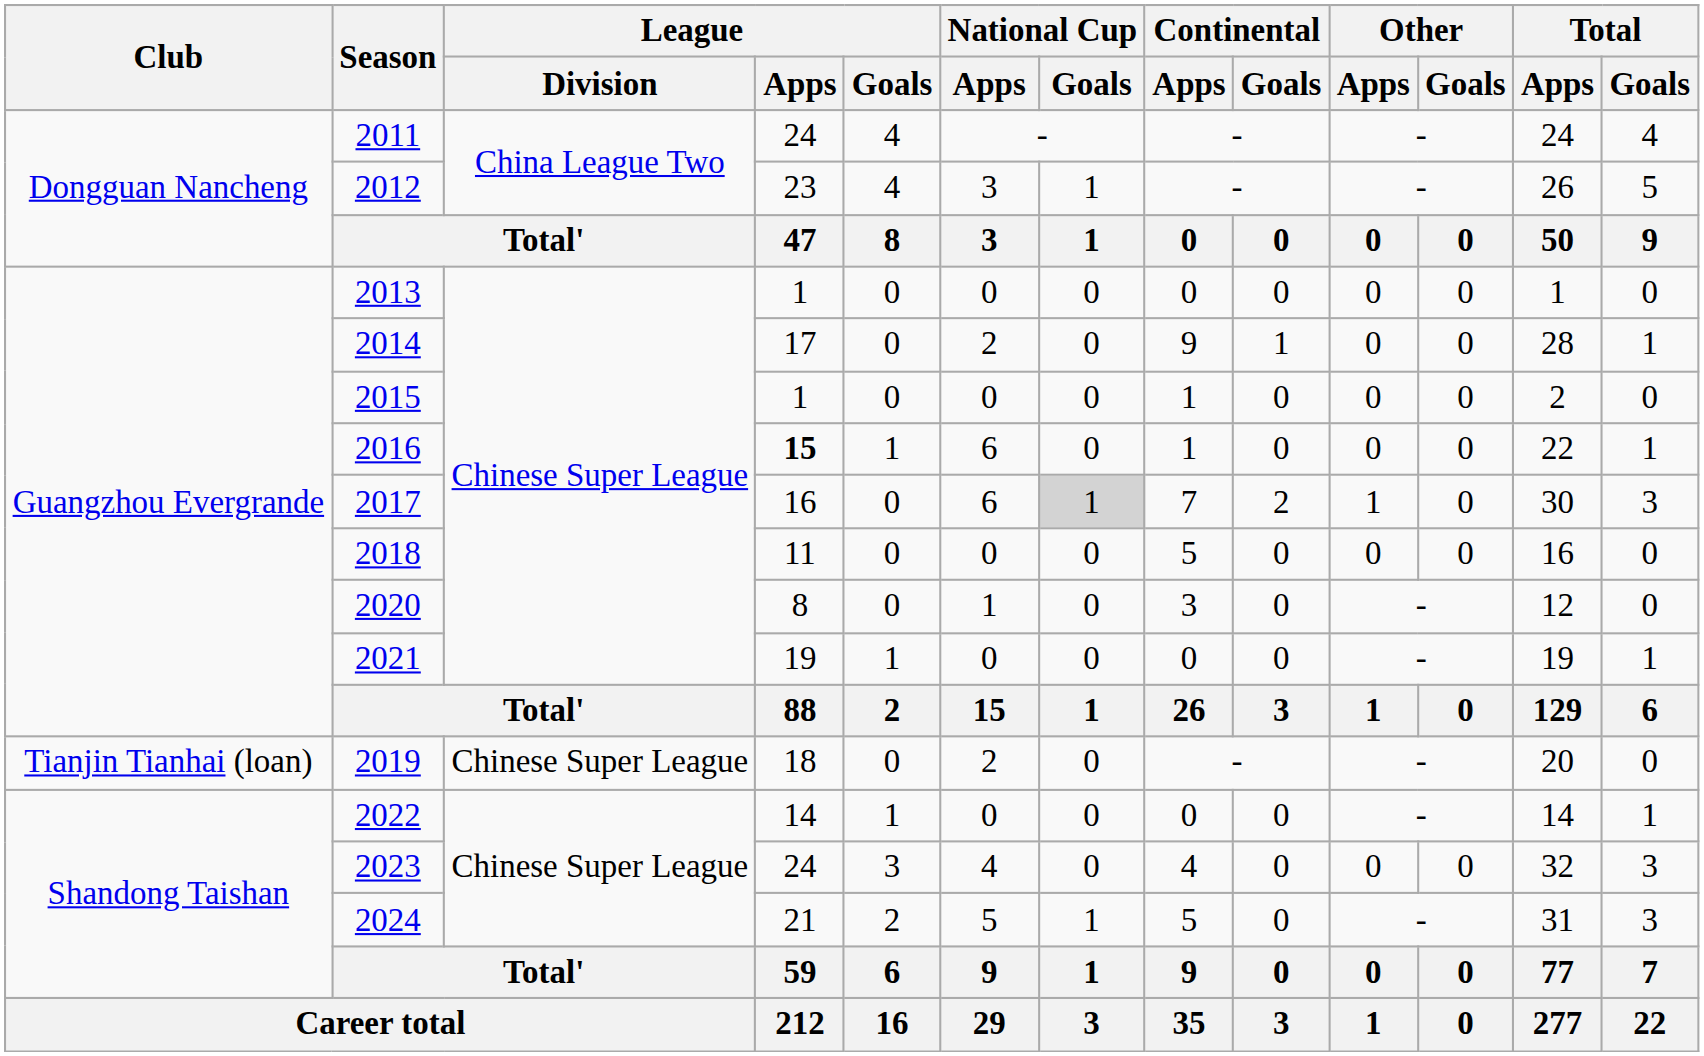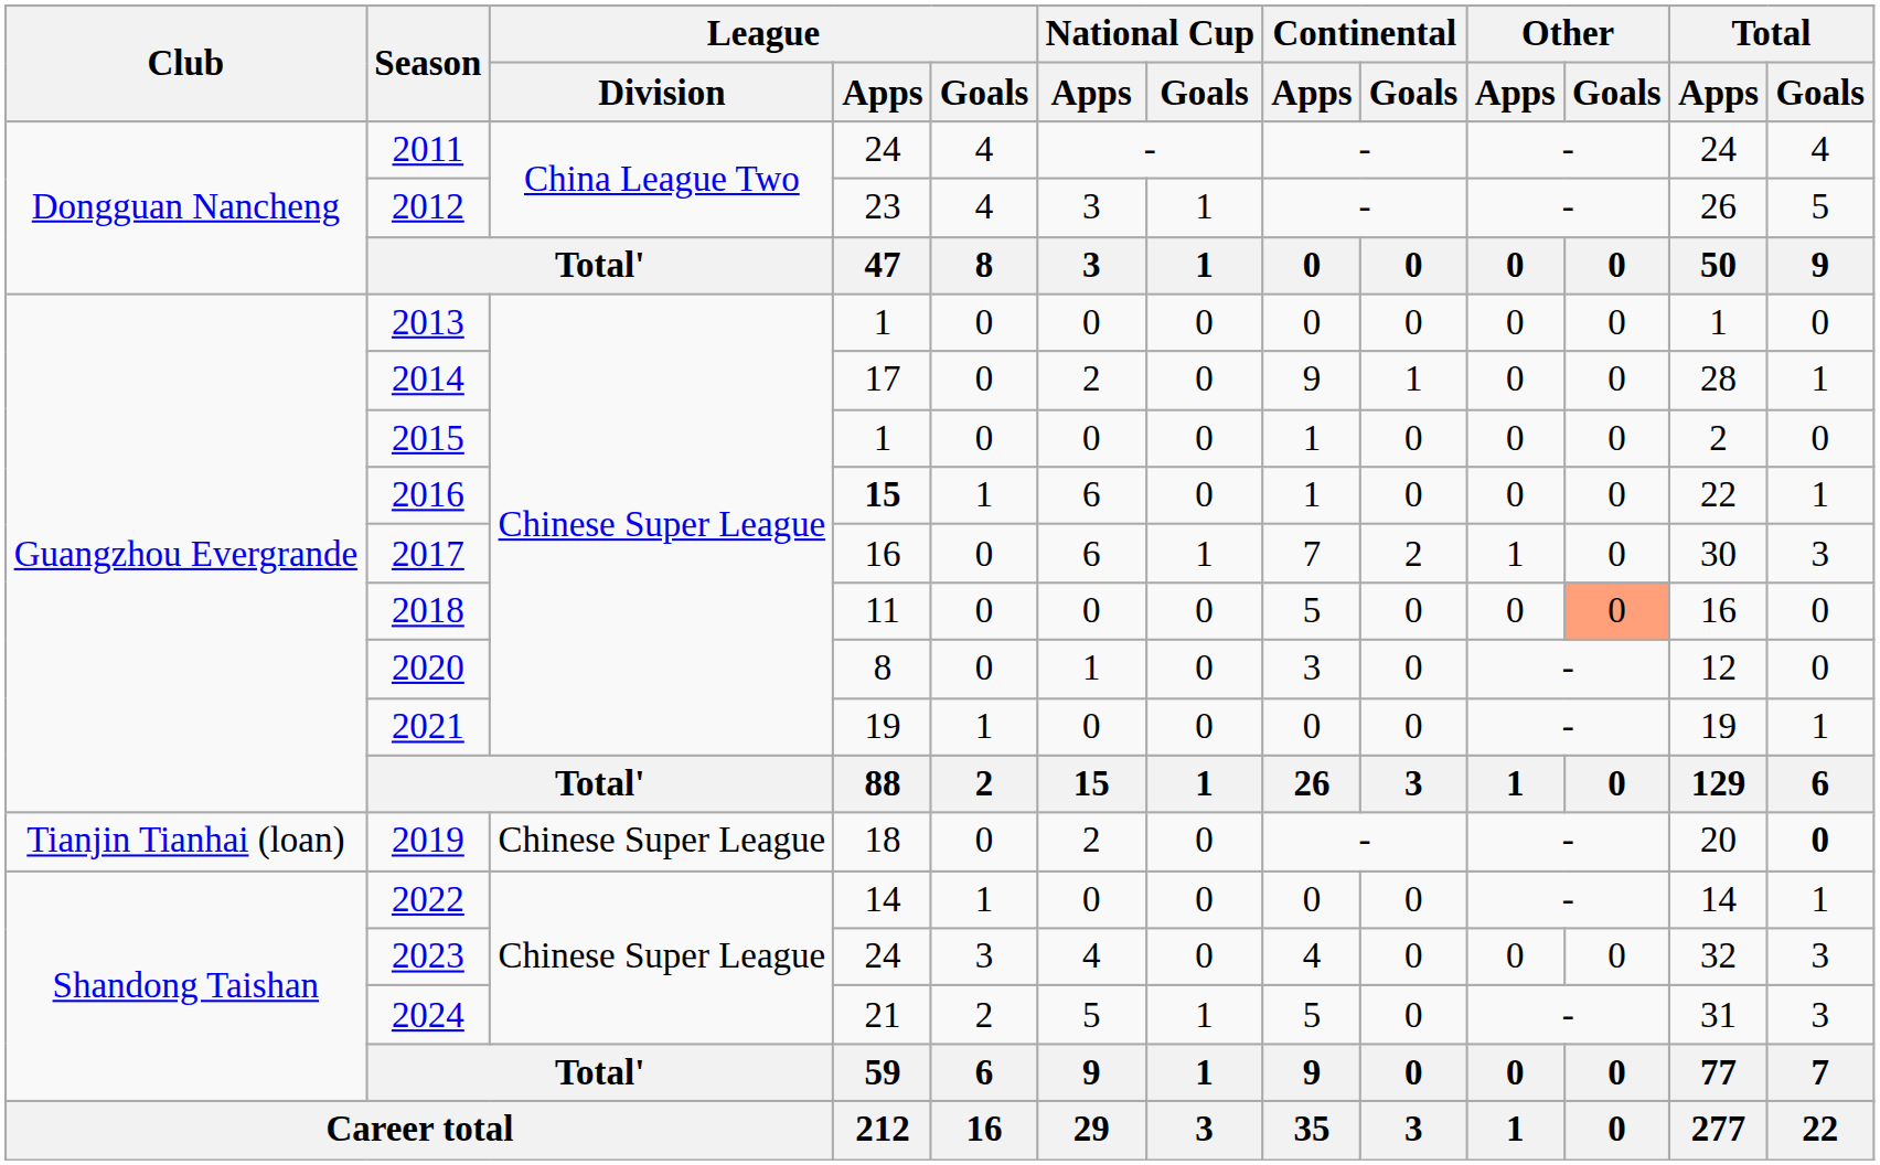 <table class="wikitable" style="text-align: center">
 <tr>
 <th rowspan="2">Club</th>
 <th rowspan="2">Season</th>
 <th colspan="3">League</th>
 <th colspan="2">National Cup</th>
 <th colspan="2">Continental</th>
 <th colspan="2">Other</th>
 <th colspan="2">Total</th>
 </tr>
 <tr>
 <th>Division</th>
 <th>Apps</th>
 <th>Goals</th>
 <th>Apps</th>
 <th>Goals</th>
 <th>Apps</th>
 <th>Goals</th>
 <th>Apps</th>
 <th>Goals</th>
 <th>Apps</th>
 <th>Goals</th>
 </tr>
 <tr>
 <td rowspan="3"><a href='#'>Dongguan Nancheng</a></td>
 <td><a href='#'>2011</a></td>
 <td rowspan="2"><a href='#'>China League Two</a></td>
 <td>24</td>
 <td>4</td>
 <td colspan="2">-</td>
 <td colspan="2">-</td>
 <td colspan="2">-</td>
 <td>24</td>
 <td>4</td>
 </tr>
 <tr>
 <td><a href='#'>2012</a></td>
 <td>23</td>
 <td>4</td>
 <td>3</td>
 <td>1</td>
 <td colspan="2">-</td>
 <td colspan="2">-</td>
 <td>26</td>
 <td>5</td>
 </tr>
 <tr>
 <th colspan="2">Total'</th>
 <th>47</th>
 <th>8</th>
 <th>3</th>
 <th>1</th>
 <th>0</th>
 <th>0</th>
 <th>0</th>
 <th>0</th>
 <th>50</th>
 <th>9</th>
 </tr>
 <tr>
 <td rowspan="9"><a href='#'>Guangzhou Evergrande</a></td>
 <td><a href='#'>2013</a></td>
 <td rowspan="8"><a href='#'>Chinese Super League</a></td>
 <td>1</td>
 <td>0</td>
 <td>0</td>
 <td>0</td>
 <td>0</td>
 <td>0</td>
 <td>0</td>
 <td>0</td>
 <td>1</td>
 <td>0</td>
 </tr>
 <tr>
 <td><a href='#'>2014</a></td>
 <td>17</td>
 <td>0</td>
 <td>2</td>
 <td>0</td>
 <td>9</td>
 <td>1</td>
 <td>0</td>
 <td>0</td>
 <td>28</td>
 <td>1</td>
 </tr>
 <tr>
 <td><a href='#'>2015</a></td>
 <td>1</td>
 <td>0</td>
 <td>0</td>
 <td>0</td>
 <td>1</td>
 <td>0</td>
 <td>0</td>
 <td>0</td>
 <td>2</td>
 <td>0</td>
 </tr>
 <tr>
 <td><a href='#'>2016</a></td>
 <td><strong>15</strong></td>
 <td>1</td>
 <td>6</td>
 <td>0</td>
 <td>1</td>
 <td>0</td>
 <td>0</td>
 <td>0</td>
 <td>22</td>
 <td>1</td>
 </tr>
 <tr>
 <td><a href='#'>2017</a></td>
 <td>16</td>
 <td>0</td>
 <td>6</td>
-<td style="background: lightgrey;">1</td>
+<td>1</td>
 <td>7</td>
 <td>2</td>
 <td>1</td>
 <td>0</td>
 <td>30</td>
 <td>3</td>
 </tr>
 <tr>
 <td><a href='#'>2018</a></td>
 <td>11</td>
 <td>0</td>
 <td>0</td>
 <td>0</td>
 <td>5</td>
 <td>0</td>
 <td>0</td>
-<td>0</td>
+<td style="background: lightsalmon;">0</td>
 <td>16</td>
 <td>0</td>
 </tr>
 <tr>
 <td><a href='#'>2020</a></td>
 <td>8</td>
 <td>0</td>
 <td>1</td>
 <td>0</td>
 <td>3</td>
 <td>0</td>
 <td colspan="2">-</td>
 <td>12</td>
 <td>0</td>
 </tr>
 <tr>
 <td><a href='#'>2021</a></td>
 <td>19</td>
 <td>1</td>
 <td>0</td>
 <td>0</td>
 <td>0</td>
 <td>0</td>
 <td colspan="2">-</td>
 <td>19</td>
 <td>1</td>
 </tr>
 <tr>
 <th colspan="2">Total'</th>
 <th>88</th>
 <th>2</th>
 <th>15</th>
 <th>1</th>
 <th>26</th>
 <th>3</th>
 <th>1</th>
 <th>0</th>
 <th>129</th>
 <th>6</th>
 </tr>
 <tr>
 <td><a href='#'>Tianjin Tianhai</a> (loan)</td>
 <td><a href='#'>2019</a></td>
 <td>Chinese Super League</td>
 <td>18</td>
 <td>0</td>
 <td>2</td>
 <td>0</td>
 <td colspan="2">-</td>
 <td colspan="2">-</td>
 <td>20</td>
-<td>0</td>
+<td><strong>0</strong></td>
 </tr>
 <tr>
 <td rowspan="4"><a href='#'>Shandong Taishan</a></td>
 <td><a href='#'>2022</a></td>
 <td rowspan="3">Chinese Super League</td>
 <td>14</td>
 <td>1</td>
 <td>0</td>
 <td>0</td>
 <td>0</td>
 <td>0</td>
 <td colspan="2">-</td>
 <td>14</td>
 <td>1</td>
 </tr>
 <tr>
 <td><a href='#'>2023</a></td>
 <td>24</td>
 <td>3</td>
 <td>4</td>
 <td>0</td>
 <td>4</td>
 <td>0</td>
 <td>0</td>
 <td>0</td>
 <td>32</td>
 <td>3</td>
 </tr>
 <tr>
 <td><a href='#'>2024</a></td>
 <td>21</td>
 <td>2</td>
 <td>5</td>
 <td>1</td>
 <td>5</td>
 <td>0</td>
 <td colspan="2">-</td>
 <td>31</td>
 <td>3</td>
 </tr>
 <tr>
 <th colspan="2">Total'</th>
 <th>59</th>
 <th>6</th>
 <th>9</th>
 <th>1</th>
 <th>9</th>
 <th>0</th>
 <th>0</th>
 <th>0</th>
 <th>77</th>
 <th>7</th>
 </tr>
 <tr>
 <th colspan=3>Career total</th>
 <th>212</th>
 <th>16</th>
 <th>29</th>
 <th>3</th>
 <th>35</th>
 <th>3</th>
 <th>1</th>
 <th>0</th>
 <th>277</th>
 <th>22</th>
 </tr>
 </table>
